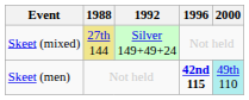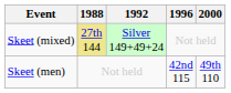 <table class="wikitable" style="text-align: center">
 <tr>
 <th>Event</th>
 <th>1988</th>
 <th>1992</th>
 <th>1996</th>
 <th>2000</th>
 </tr>
 <tr>
 <td align=left><a href='#'>Skeet</a> (mixed)</td>
 <td style="background: khaki;"><a href='#'>27th</a><br>144</td>
 <td style="background: #ccffcc"> <a href='#'>Silver</a><br>149+49+24</td>
 <td colspan=2 style="color: #cccccc">Not held</td>
 </tr>
 <tr>
 <td align=left><a href='#'>Skeet</a> (men)</td>
 <td colspan=2 style="color: #cccccc">Not held</td>
-<td><strong><a href='#'>42nd</a><br>115</strong></td>
-<td style="background: paleturquoise;"><a href='#'>49th</a><br>110</td>
+<td><a href='#'>42nd</a><br>115</td>
+<td><a href='#'>49th</a><br>110</td>
 </tr>
 </table>
